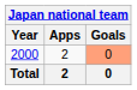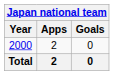 <table class="wikitable" style="text-align:center">
 <tr>
 <th colspan=3><a href='#'>Japan national team</a></th>
 </tr>
 <tr>
 <th>Year</th>
 <th>Apps</th>
 <th>Goals</th>
 </tr>
 <tr>
 <td><a href='#'>2000</a></td>
 <td>2</td>
-<td style="background: lightsalmon;">0</td>
+<td>0</td>
 </tr>
 <tr>
 <th>Total</th>
 <th>2</th>
 <th>0</th>
 </tr>
 </table>
